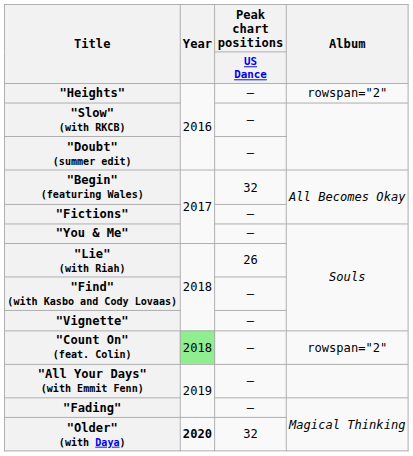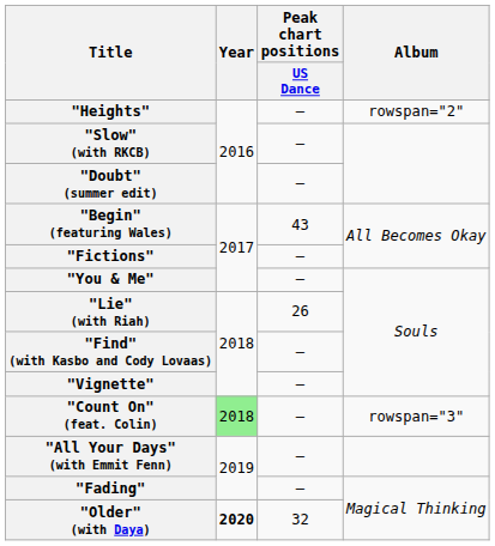 <table class="wikitable plainrowheaders" style="text-align:center;">
 <tr>
 <th scope="col" rowspan="2">Title</th>
 <th scope="col" rowspan="2">Year</th>
 <th scope="col" colspan="1">Peak chart positions</th>
 <th scope="col" rowspan="2">Album</th>
 </tr>
 <tr>
 <th scope="col" style="width:2.5em;font-size:90%;"><a href='#'>US<br>Dance</a><br></th>
 </tr>
 <tr>
 <th scope="row">"Heights"</th>
 <td rowspan="3">2016</td>
 <td>—</td>
 <td>rowspan="2" </td>
 </tr>
 <tr>
 <th scope="row">"Slow" <small><br>(with RKCB)<br></small></th>
 <td>—</td>
 </tr>
 <tr>
 <th scope="row">"Doubt" <small><br>(summer edit)<br></small></th>
 <td>—</td>
 </tr>
 <tr>
 <th scope="row">"Begin" <small><br>(featuring Wales)<br></small></th>
 <td rowspan="3">2017</td>
-<td>32</td>
+<td>43</td>
 <td rowspan="2"><em>All Becomes Okay</em></td>
 </tr>
 <tr>
 <th scope="row">"Fictions"</th>
 <td>—</td>
 </tr>
 <tr>
 <th scope="row">"You & Me"</th>
 <td>—</td>
 <td rowspan="4"><em>Souls</em></td>
 </tr>
 <tr>
 <th scope="row">"Lie" <small><br>(with Riah)<br></small></th>
 <td rowspan="3">2018</td>
 <td>26</td>
 </tr>
 <tr>
 <th scope="row">"Find" <br><small>(with Kasbo and Cody Lovaas)<br></small></th>
 <td>—</td>
 </tr>
 <tr>
 <th scope="row">"Vignette"</th>
 <td>—</td>
 </tr>
 <tr>
 <th scope="row">"Count On"<br><small>(feat. Colin)</small></th>
 <td style="background: lightgreen;">2018</td>
 <td>—</td>
-<td>rowspan="2" </td>
+<td>rowspan="3" </td>
 </tr>
 <tr>
 <th scope="row">"All Your Days"<br><small>(with Emmit Fenn)</small></th>
 <td rowspan="2">2019</td>
 <td>—</td>
 </tr>
 <tr>
 <th scope="row">"Fading"</th>
 <td>—</td>
 <td rowspan="2"><em>Magical Thinking</em></td>
 </tr>
 <tr>
 <th scope="row">"Older"<br><small>(with <a href='#'>Daya</a>)</small></th>
 <td><strong>2020</strong></td>
 <td>32</td>
 </tr>
 </table>
